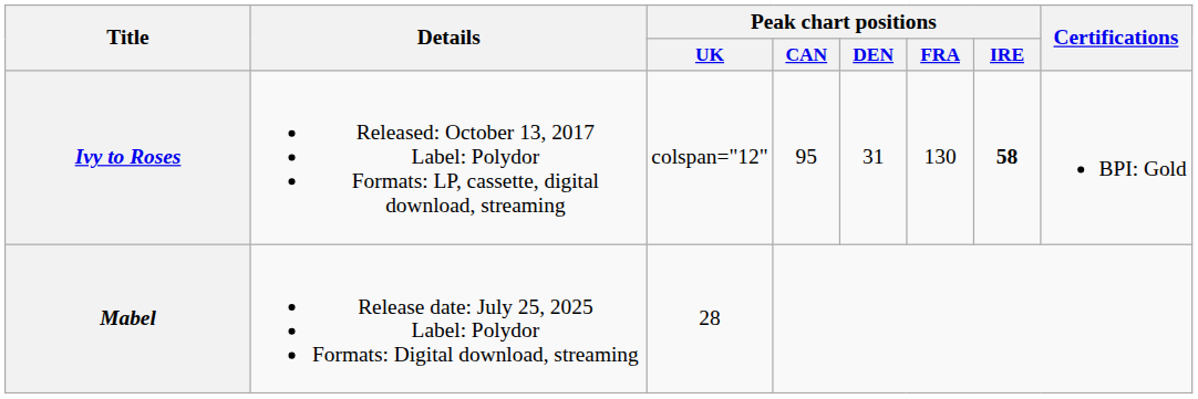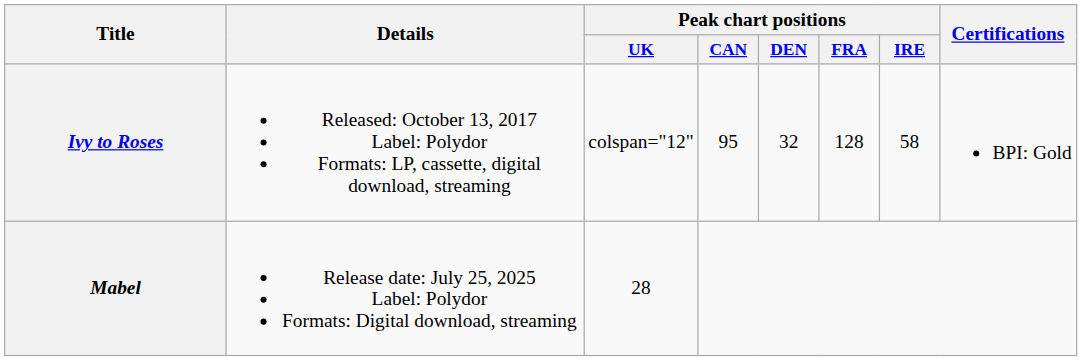 <table class="wikitable plainrowheaders" style="text-align:center;">
 <tr>
 <th scope="col" rowspan="2" style="width:11em;">Title</th>
 <th scope="col" rowspan="2" style="width:18em;">Details</th>
 <th scope="col" colspan="5">Peak chart positions</th>
 <th scope="col" rowspan="2"><a href='#'>Certifications</a></th>
 </tr>
 <tr>
 <th scope="col" style="width:3em;font-size:90%;"><a href='#'>UK</a><br></th>
 <th scope="col" style="width:3em;font-size:90%;"><a href='#'>CAN</a><br></th>
 <th scope="col" style="width:3em;font-size:90%;"><a href='#'>DEN</a><br></th>
 <th scope="col" style="width:3em;font-size:90%;"><a href='#'>FRA</a><br></th>
 <th scope="col" style="width:3em;font-size:90%;"><a href='#'>IRE</a><br></th>
 </tr>
 <tr>
 <th scope="row"><em><a href='#'>Ivy to Roses</a></em></th>
 <td><br><ul><li>Released: October 13, 2017</li><li>Label: Polydor</li><li>Formats: LP, cassette, digital download, streaming</li></ul></td>
 <td>colspan="12" </td>
 <td>95</td>
-<td>31</td>
-<td>130</td>
-<td><strong>58</strong></td>
+<td>32</td>
+<td>128</td>
+<td>58</td>
 <td><br><ul><li>BPI: Gold</li></ul></td>
 </tr>
 <tr>
 <th scope="row"><em>Mabel</em></th>
 <td><br><ul><li>Release date: July 25, 2025</li><li>Label: Polydor</li><li>Formats: Digital download, streaming</li></ul></td>
 <td>28</td>
 </tr>
 </table>
